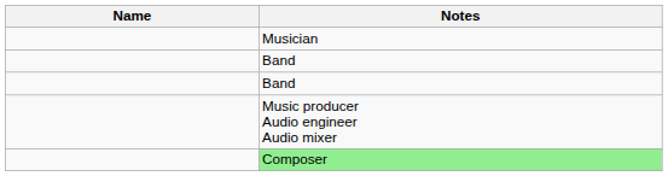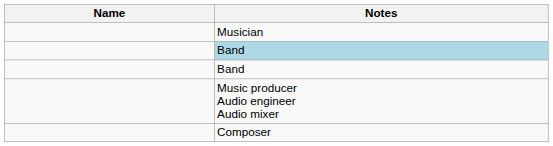 <table class="wikitable sortable" align="left center" width="59%">
 <tr>
 <th width="17%">Name</th>
 <th width="27%">Notes</th>
 </tr>
 <tr>
 <td></td>
 <td>Musician</td>
 </tr>
 <tr>
 <td></td>
-<td>Band</td>
+<td style="background: lightblue;">Band</td>
 </tr>
 <tr>
 <td></td>
 <td>Band</td>
 </tr>
 <tr>
 <td></td>
 <td>Music producer<br>Audio engineer<br>Audio mixer</td>
 </tr>
 <tr>
 <td></td>
-<td style="background: lightgreen;">Composer</td>
+<td>Composer</td>
 </tr>
 </table>
